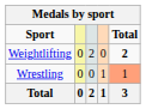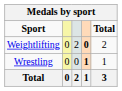 <table class="wikitable" style="font-size:85%; float:right">
 <tr bgcolor=#efefef>
 <th colspan=7>Medals by sport</th>
 </tr>
 <tr align=center>
 <td><strong>Sport</strong></td>
 <td bgcolor=#f7f6a8></td>
 <td bgcolor=#dce5e5></td>
 <td bgcolor=#ffdab9></td>
 <td><strong>Total</strong></td>
 </tr>
 <tr align=center>
 <td><a href='#'>Weightlifting</a></td>
 <td bgcolor=#f7f6a8>0</td>
 <td bgcolor=#dce5e5>2</td>
-<td bgcolor=#ffdab9>0</td>
-<td><strong>2</strong></td>
+<td bgcolor=#ffdab9><strong>0</strong></td>
+<td>2</td>
 </tr>
 <tr align=center>
 <td><a href='#'>Wrestling</a></td>
 <td bgcolor=#f7f6a8>0</td>
 <td bgcolor=#dce5e5>0</td>
-<td bgcolor=#ffdab9>1</td>
-<td style="background: lightsalmon;">1</td>
+<td bgcolor=#ffdab9><strong>1</strong></td>
+<td>1</td>
 </tr>
 <tr align=center>
 <th>Total</th>
 <th bgcolor=gold>0</th>
 <th bgcolor=silver>2</th>
 <th bgcolor=#c96>1</th>
 <th>3</th>
 </tr>
 </table>
